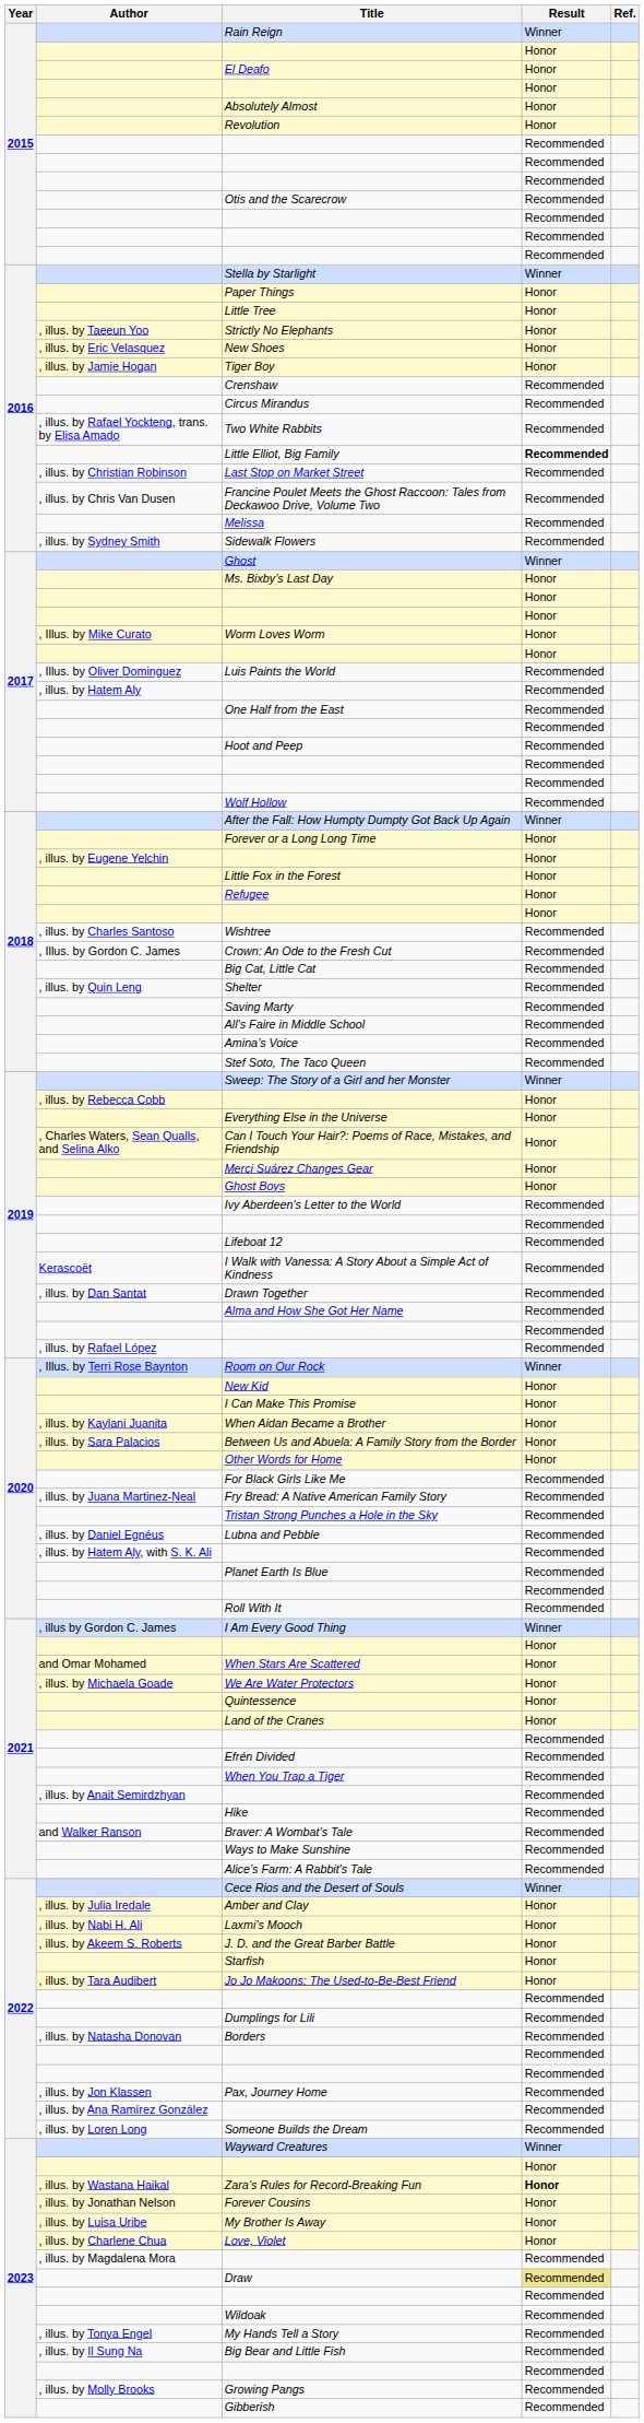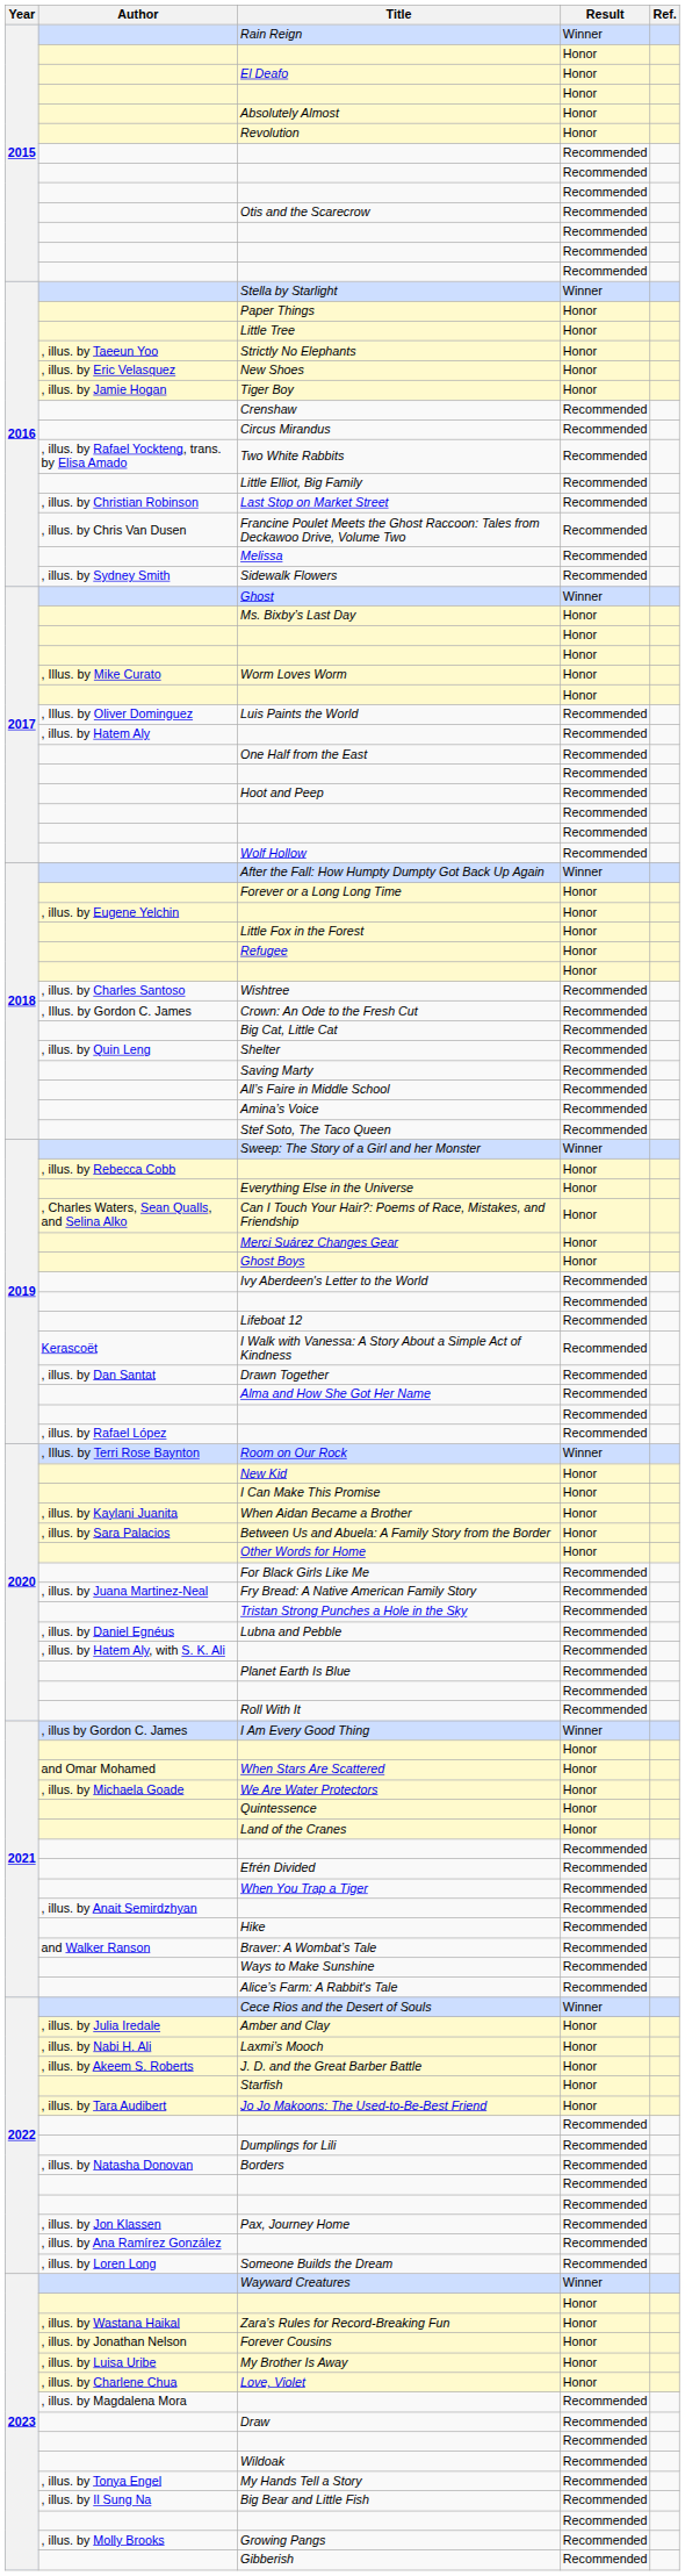 <table class="wikitable sortable mw-collapsible">
 <tr>
 <th>Year</th>
 <th>Author</th>
 <th>Title</th>
 <th>Result</th>
 <th>Ref.</th>
 </tr>
 <tr style="background:#cddeff">
 <th rowspan="13"><a href='#'>2015</a></th>
 <td></td>
 <td><em>Rain Reign</em></td>
 <td>Winner</td>
 <td></td>
 </tr>
 <tr style="background:LemonChiffon;">
 <td></td>
 <td><em></em></td>
 <td>Honor</td>
 <td></td>
 </tr>
 <tr style="background:LemonChiffon;">
 <td></td>
 <td><em><a href='#'>El Deafo</a></em></td>
 <td>Honor</td>
 <td></td>
 </tr>
 <tr style="background:LemonChiffon;">
 <td></td>
 <td><em></em></td>
 <td>Honor</td>
 <td></td>
 </tr>
 <tr style="background:LemonChiffon;">
 <td></td>
 <td><em>Absolutely Almost</em></td>
 <td>Honor</td>
 <td></td>
 </tr>
 <tr style="background:LemonChiffon;">
 <td></td>
 <td><em>Revolution</em></td>
 <td>Honor</td>
 <td></td>
 </tr>
 <tr>
 <td></td>
 <td><em></em></td>
 <td>Recommended</td>
 <td></td>
 </tr>
 <tr>
 <td></td>
 <td><em></em></td>
 <td>Recommended</td>
 <td></td>
 </tr>
 <tr>
 <td></td>
 <td><em></em></td>
 <td>Recommended</td>
 <td></td>
 </tr>
 <tr>
 <td></td>
 <td><em>Otis and the Scarecrow</em></td>
 <td>Recommended</td>
 <td></td>
 </tr>
 <tr>
 <td></td>
 <td><em></em></td>
 <td>Recommended</td>
 <td></td>
 </tr>
 <tr>
 <td></td>
 <td><em></em></td>
 <td>Recommended</td>
 <td></td>
 </tr>
 <tr>
 <td></td>
 <td><em></em></td>
 <td>Recommended</td>
 <td></td>
 </tr>
 <tr style="background:#cddeff">
 <th rowspan="14"><a href='#'>2016</a></th>
 <td></td>
 <td><em>Stella by Starlight</em></td>
 <td>Winner</td>
 <td></td>
 </tr>
 <tr style="background:LemonChiffon;">
 <td></td>
 <td><em>Paper Things</em></td>
 <td>Honor</td>
 <td></td>
 </tr>
 <tr style="background:LemonChiffon;">
 <td></td>
 <td><em>Little Tree</em></td>
 <td>Honor</td>
 <td></td>
 </tr>
 <tr style="background:LemonChiffon;">
 <td>, illus. by <a href='#'>Taeeun Yoo</a></td>
 <td><em>Strictly No Elephants</em></td>
 <td>Honor</td>
 <td></td>
 </tr>
 <tr style="background:LemonChiffon;">
 <td>, illus. by <a href='#'>Eric Velasquez</a></td>
 <td><em>New Shoes</em></td>
 <td>Honor</td>
 <td></td>
 </tr>
 <tr style="background:LemonChiffon;">
 <td>, illus. by <a href='#'>Jamie Hogan</a></td>
 <td><em>Tiger Boy</em></td>
 <td>Honor</td>
 <td></td>
 </tr>
 <tr>
 <td></td>
 <td><em>Crenshaw</em></td>
 <td>Recommended</td>
 <td></td>
 </tr>
 <tr>
 <td></td>
 <td><em>Circus Mirandus</em></td>
 <td>Recommended</td>
 <td></td>
 </tr>
 <tr>
 <td>, illus. by <a href='#'>Rafael Yockteng</a>, trans. by <a href='#'>Elisa Amado</a></td>
 <td><em>Two White Rabbits</em></td>
 <td>Recommended</td>
 <td></td>
 </tr>
 <tr>
 <td></td>
 <td><em>Little Elliot, Big Family</em></td>
-<td><strong>Recommended</strong></td>
+<td>Recommended</td>
 <td></td>
 </tr>
 <tr>
 <td>, illus. by <a href='#'>Christian Robinson</a></td>
 <td><em><a href='#'>Last Stop on Market Street</a></em></td>
 <td>Recommended</td>
 <td></td>
 </tr>
 <tr>
 <td>, illus. by Chris Van Dusen</td>
 <td><em>Francine Poulet Meets the Ghost Raccoon: Tales from Deckawoo Drive, Volume Two</em></td>
 <td>Recommended</td>
 <td></td>
 </tr>
 <tr>
 <td></td>
 <td><em><a href='#'>Melissa</a></em></td>
 <td>Recommended</td>
 <td></td>
 </tr>
 <tr>
 <td>, illus. by <a href='#'>Sydney Smith</a></td>
 <td><em>Sidewalk Flowers</em></td>
 <td>Recommended</td>
 <td></td>
 </tr>
 <tr style="background:#cddeff">
 <th rowspan="14"><a href='#'>2017</a></th>
 <td></td>
 <td><em><a href='#'>Ghost</a></em></td>
 <td>Winner</td>
 <td></td>
 </tr>
 <tr style="background:LemonChiffon;">
 <td></td>
 <td><em>Ms. Bixby’s Last Day</em></td>
 <td>Honor</td>
 <td></td>
 </tr>
 <tr style="background:LemonChiffon;">
 <td></td>
 <td><em></em></td>
 <td>Honor</td>
 <td></td>
 </tr>
 <tr style="background:LemonChiffon;">
 <td></td>
 <td><em></em></td>
 <td>Honor</td>
 <td></td>
 </tr>
 <tr style="background:LemonChiffon;">
 <td>, Illus. by <a href='#'>Mike Curato</a></td>
 <td><em>Worm Loves Worm</em></td>
 <td>Honor</td>
 <td></td>
 </tr>
 <tr style="background:LemonChiffon;">
 <td></td>
 <td><em></em></td>
 <td>Honor</td>
 <td></td>
 </tr>
 <tr>
 <td>, Illus. by <a href='#'>Oliver Dominguez</a></td>
 <td><em>Luis Paints the World</em></td>
 <td>Recommended</td>
 <td></td>
 </tr>
 <tr>
 <td>, illus. by <a href='#'>Hatem Aly</a></td>
 <td></td>
 <td>Recommended</td>
 <td></td>
 </tr>
 <tr>
 <td></td>
 <td><em>One Half from the East</em></td>
 <td>Recommended</td>
 <td></td>
 </tr>
 <tr>
 <td></td>
 <td><em></em></td>
 <td>Recommended</td>
 <td></td>
 </tr>
 <tr>
 <td></td>
 <td><em>Hoot and Peep</em></td>
 <td>Recommended</td>
 <td></td>
 </tr>
 <tr>
 <td></td>
 <td><em></em></td>
 <td>Recommended</td>
 <td></td>
 </tr>
 <tr>
 <td></td>
 <td><em></em></td>
 <td>Recommended</td>
 <td></td>
 </tr>
 <tr>
 <td></td>
 <td><em><a href='#'>Wolf Hollow</a></em></td>
 <td>Recommended</td>
 <td></td>
 </tr>
 <tr style="background:#cddeff">
 <th rowspan="14"><a href='#'>2018</a></th>
 <td></td>
 <td><em>After the Fall: How Humpty Dumpty Got Back Up Again</em></td>
 <td>Winner</td>
 <td></td>
 </tr>
 <tr style="background:LemonChiffon;">
 <td></td>
 <td><em>Forever or a Long Long Time</em></td>
 <td>Honor</td>
 <td></td>
 </tr>
 <tr style="background:LemonChiffon;">
 <td>, illus. by <a href='#'>Eugene Yelchin</a></td>
 <td><em></em></td>
 <td>Honor</td>
 <td></td>
 </tr>
 <tr style="background:LemonChiffon;">
 <td></td>
 <td><em>Little Fox in the Forest</em></td>
 <td>Honor</td>
 <td></td>
 </tr>
 <tr style="background:LemonChiffon;">
 <td></td>
 <td><em><a href='#'>Refugee</a></em></td>
 <td>Honor</td>
 <td></td>
 </tr>
 <tr style="background:LemonChiffon;">
 <td></td>
 <td><em></em></td>
 <td>Honor</td>
 <td></td>
 </tr>
 <tr>
 <td>, illus. by <a href='#'>Charles Santoso</a></td>
 <td><em>Wishtree</em></td>
 <td>Recommended</td>
 <td></td>
 </tr>
 <tr>
 <td>, Illus. by Gordon C. James</td>
 <td><em>Crown: An Ode to the Fresh Cut</em></td>
 <td>Recommended</td>
 <td></td>
 </tr>
 <tr>
 <td></td>
 <td><em>Big Cat, Little Cat</em></td>
 <td>Recommended</td>
 <td></td>
 </tr>
 <tr>
 <td>, illus. by <a href='#'>Quin Leng</a></td>
 <td><em>Shelter</em></td>
 <td>Recommended</td>
 <td></td>
 </tr>
 <tr>
 <td></td>
 <td><em>Saving Marty</em></td>
 <td>Recommended</td>
 <td></td>
 </tr>
 <tr>
 <td></td>
 <td><em>All’s Faire in Middle School</em></td>
 <td>Recommended</td>
 <td></td>
 </tr>
 <tr>
 <td></td>
 <td><em>Amina’s Voice</em></td>
 <td>Recommended</td>
 <td></td>
 </tr>
 <tr>
 <td></td>
 <td><em>Stef Soto, The Taco Queen</em></td>
 <td>Recommended</td>
 <td></td>
 </tr>
 <tr style="background:#cddeff">
 <th rowspan="14"><a href='#'>2019</a></th>
 <td></td>
 <td><em>Sweep: The Story of a Girl and her Monster</em></td>
 <td>Winner</td>
 <td></td>
 </tr>
 <tr style="background:LemonChiffon;">
 <td>, illus. by <a href='#'>Rebecca Cobb</a></td>
 <td><em></em></td>
 <td>Honor</td>
 <td></td>
 </tr>
 <tr style="background:LemonChiffon;">
 <td></td>
 <td><em>Everything Else in the Universe</em></td>
 <td>Honor</td>
 <td></td>
 </tr>
 <tr style="background:LemonChiffon;">
 <td>, Charles Waters, <a href='#'>Sean Qualls</a>, and <a href='#'>Selina Alko</a></td>
 <td><em>Can I Touch Your Hair?: Poems of Race, Mistakes, and Friendship</em></td>
 <td>Honor</td>
 <td></td>
 </tr>
 <tr style="background:LemonChiffon;">
 <td></td>
 <td><em><a href='#'>Merci Suárez Changes Gear</a></em></td>
 <td>Honor</td>
 <td></td>
 </tr>
 <tr style="background:LemonChiffon;">
 <td></td>
 <td><em><a href='#'>Ghost Boys</a></em></td>
 <td>Honor</td>
 <td></td>
 </tr>
 <tr>
 <td></td>
 <td><em>Ivy Aberdeen's Letter to the World</em></td>
 <td>Recommended</td>
 <td></td>
 </tr>
 <tr>
 <td></td>
 <td><em></em></td>
 <td>Recommended</td>
 <td></td>
 </tr>
 <tr>
 <td></td>
 <td><em>Lifeboat 12</em></td>
 <td>Recommended</td>
 <td></td>
 </tr>
 <tr>
 <td><a href='#'>Kerascoët</a></td>
 <td><em>I Walk with Vanessa: A Story About a Simple Act of Kindness</em></td>
 <td>Recommended</td>
 <td></td>
 </tr>
 <tr>
 <td>, illus. by <a href='#'>Dan Santat</a></td>
 <td><em>Drawn Together</em></td>
 <td>Recommended</td>
 <td></td>
 </tr>
 <tr>
 <td></td>
 <td><em><a href='#'>Alma and How She Got Her Name</a></em></td>
 <td>Recommended</td>
 <td></td>
 </tr>
 <tr>
 <td></td>
 <td><em></em></td>
 <td>Recommended</td>
 <td></td>
 </tr>
 <tr>
 <td>, illus. by <a href='#'>Rafael López</a></td>
 <td><em></em></td>
 <td>Recommended</td>
 <td></td>
 </tr>
 <tr style="background:#cddeff">
 <th rowspan="14"><a href='#'>2020</a></th>
 <td>, Illus. by <a href='#'>Terri Rose Baynton</a></td>
 <td><em><a href='#'>Room on Our Rock</a></em></td>
 <td>Winner</td>
 <td></td>
 </tr>
 <tr style="background:LemonChiffon;">
 <td></td>
 <td><em><a href='#'>New Kid</a></em></td>
 <td>Honor</td>
 <td></td>
 </tr>
 <tr style="background:LemonChiffon;">
 <td></td>
 <td><em>I Can Make This Promise</em></td>
 <td>Honor</td>
 <td></td>
 </tr>
 <tr style="background:LemonChiffon;">
 <td>, illus. by <a href='#'>Kaylani Juanita</a></td>
 <td><em>When Aidan Became a Brother</em></td>
 <td>Honor</td>
 <td></td>
 </tr>
 <tr style="background:LemonChiffon;">
 <td>, illus. by <a href='#'>Sara Palacios</a></td>
 <td><em>Between Us and Abuela: A Family Story from the Border</em></td>
 <td>Honor</td>
 <td></td>
 </tr>
 <tr style="background:LemonChiffon;">
 <td></td>
 <td><em><a href='#'>Other Words for Home</a></em></td>
 <td>Honor</td>
 <td></td>
 </tr>
 <tr>
 <td></td>
 <td><em>For Black Girls Like Me</em></td>
 <td>Recommended</td>
 <td></td>
 </tr>
 <tr>
 <td>, illus. by <a href='#'>Juana Martinez-Neal</a></td>
 <td><em>Fry Bread: A Native American Family Story</em></td>
 <td>Recommended</td>
 <td></td>
 </tr>
 <tr>
 <td></td>
 <td><em><a href='#'>Tristan Strong Punches a Hole in the Sky</a></em></td>
 <td>Recommended</td>
 <td></td>
 </tr>
 <tr>
 <td>, illus. by <a href='#'>Daniel Egnéus</a></td>
 <td><em>Lubna and Pebble</em></td>
 <td>Recommended</td>
 <td></td>
 </tr>
 <tr>
 <td>, illus. by <a href='#'>Hatem Aly</a>, with <a href='#'>S. K. Ali</a></td>
 <td><em></em></td>
 <td>Recommended</td>
 <td></td>
 </tr>
 <tr>
 <td></td>
 <td><em>Planet Earth Is Blue</em></td>
 <td>Recommended</td>
 <td></td>
 </tr>
 <tr>
 <td></td>
 <td><em></em></td>
 <td>Recommended</td>
 <td></td>
 </tr>
 <tr>
 <td></td>
 <td><em>Roll With It</em></td>
 <td>Recommended</td>
 <td></td>
 </tr>
 <tr style="background:#cddeff">
 <th rowspan="14"><a href='#'>2021</a></th>
 <td>, illus by Gordon C. James</td>
 <td><em>I Am Every Good Thing</em></td>
 <td>Winner</td>
 <td></td>
 </tr>
 <tr style="background:LemonChiffon;">
 <td></td>
 <td></td>
 <td>Honor</td>
 <td></td>
 </tr>
 <tr style="background:LemonChiffon;">
 <td> and Omar Mohamed</td>
 <td><em><a href='#'>When Stars Are Scattered</a></em></td>
 <td>Honor</td>
 <td></td>
 </tr>
 <tr style="background:LemonChiffon;">
 <td>, illus. by <a href='#'>Michaela Goade</a></td>
 <td><em><a href='#'>We Are Water Protectors</a></em></td>
 <td>Honor</td>
 <td></td>
 </tr>
 <tr style="background:LemonChiffon;">
 <td></td>
 <td><em>Quintessence</em></td>
 <td>Honor</td>
 <td></td>
 </tr>
 <tr style="background:LemonChiffon;">
 <td></td>
 <td><em>Land of the Cranes</em></td>
 <td>Honor</td>
 <td></td>
 </tr>
 <tr>
 <td></td>
 <td><em></em></td>
 <td>Recommended</td>
 <td></td>
 </tr>
 <tr>
 <td></td>
 <td><em>Efrén Divided</em></td>
 <td>Recommended</td>
 <td></td>
 </tr>
 <tr>
 <td></td>
 <td><em><a href='#'>When You Trap a Tiger</a></em></td>
 <td>Recommended</td>
 <td></td>
 </tr>
 <tr>
 <td>, illus. by <a href='#'>Anait Semirdzhyan</a></td>
 <td><em></em></td>
 <td>Recommended</td>
 <td></td>
 </tr>
 <tr>
 <td></td>
 <td><em>Hike</em></td>
 <td>Recommended</td>
 <td></td>
 </tr>
 <tr>
 <td> and <a href='#'>Walker Ranson</a></td>
 <td><em>Braver: A Wombat’s Tale</em></td>
 <td>Recommended</td>
 <td></td>
 </tr>
 <tr>
 <td></td>
 <td><em>Ways to Make Sunshine</em></td>
 <td>Recommended</td>
 <td></td>
 </tr>
 <tr>
 <td></td>
 <td><em>Alice’s Farm: A Rabbit's Tale</em></td>
 <td>Recommended</td>
 <td></td>
 </tr>
 <tr style="background:#cddeff">
 <th rowspan="14"><a href='#'>2022</a></th>
 <td></td>
 <td><em>Cece Rios and the Desert of Souls</em></td>
 <td>Winner</td>
 <td></td>
 </tr>
 <tr style="background:LemonChiffon;">
 <td>, illus. by <a href='#'>Julia Iredale</a></td>
 <td><em>Amber and Clay</em></td>
 <td>Honor</td>
 <td></td>
 </tr>
 <tr style="background:LemonChiffon;">
 <td>, illus. by <a href='#'>Nabi H. Ali</a></td>
 <td><em>Laxmi’s Mooch</em></td>
 <td>Honor</td>
 <td></td>
 </tr>
 <tr style="background:LemonChiffon;">
 <td>, illus. by <a href='#'>Akeem S. Roberts</a></td>
 <td><em>J. D. and the Great Barber Battle</em></td>
 <td>Honor</td>
 <td></td>
 </tr>
 <tr style="background:LemonChiffon;">
 <td></td>
 <td><em>Starfish</em></td>
 <td>Honor</td>
 <td></td>
 </tr>
 <tr style="background:LemonChiffon;">
 <td>, illus. by <a href='#'>Tara Audibert</a></td>
 <td><em><a href='#'>Jo Jo Makoons: The Used-to-Be-Best Friend</a></em></td>
 <td>Honor</td>
 <td></td>
 </tr>
 <tr>
 <td></td>
 <td><em></em></td>
 <td>Recommended</td>
 <td></td>
 </tr>
 <tr>
 <td></td>
 <td><em>Dumplings for Lili</em></td>
 <td>Recommended</td>
 <td></td>
 </tr>
 <tr>
 <td>, illus. by <a href='#'>Natasha Donovan</a></td>
 <td><em>Borders</em></td>
 <td>Recommended</td>
 <td></td>
 </tr>
 <tr>
 <td></td>
 <td><em></em></td>
 <td>Recommended</td>
 <td></td>
 </tr>
 <tr>
 <td></td>
 <td><em></em></td>
 <td>Recommended</td>
 <td></td>
 </tr>
 <tr>
 <td>, illus. by <a href='#'>Jon Klassen</a></td>
 <td><em>Pax, Journey Home</em></td>
 <td>Recommended</td>
 <td></td>
 </tr>
 <tr>
 <td>, illus. by <a href='#'>Ana Ramírez González</a></td>
 <td><em></em></td>
 <td>Recommended</td>
 <td></td>
 </tr>
 <tr>
 <td>, illus. by <a href='#'>Loren Long</a></td>
 <td><em>Someone Builds the Dream</em></td>
 <td>Recommended</td>
 <td></td>
 </tr>
 <tr style="background:#cddeff">
 <th rowspan="15"><a href='#'>2023</a></th>
 <td></td>
 <td><em>Wayward Creatures</em></td>
 <td>Winner</td>
 <td></td>
 </tr>
 <tr style="background:LemonChiffon;">
 <td></td>
 <td><em></em></td>
 <td>Honor</td>
 <td></td>
 </tr>
 <tr style="background:LemonChiffon;">
 <td>, illus. by <a href='#'>Wastana Haikal</a></td>
 <td><em>Zara’s Rules for Record-Breaking Fun</em></td>
-<td><strong>Honor</strong></td>
+<td>Honor</td>
 <td></td>
 </tr>
 <tr style="background:LemonChiffon;">
 <td>, illus. by Jonathan Nelson</td>
 <td><em>Forever Cousins</em></td>
 <td>Honor</td>
 <td></td>
 </tr>
 <tr style="background:LemonChiffon;">
 <td>, illus. by <a href='#'>Luisa Uribe</a></td>
 <td><em>My Brother Is Away</em></td>
 <td>Honor</td>
 <td></td>
 </tr>
 <tr style="background:LemonChiffon;">
 <td>, illus. by <a href='#'>Charlene Chua</a></td>
 <td><em><a href='#'>Love, Violet</a></em></td>
 <td>Honor</td>
 <td></td>
 </tr>
 <tr>
 <td>, illus. by Magdalena Mora</td>
 <td><em></em></td>
 <td>Recommended</td>
 <td></td>
 </tr>
 <tr>
 <td></td>
 <td><em>Draw</em></td>
-<td style="background: khaki;">Recommended</td>
+<td>Recommended</td>
 <td></td>
 </tr>
 <tr>
 <td></td>
 <td><em></em></td>
 <td>Recommended</td>
 <td></td>
 </tr>
 <tr>
 <td></td>
 <td><em>Wildoak</em></td>
 <td>Recommended</td>
 <td></td>
 </tr>
 <tr>
 <td>, illus. by <a href='#'>Tonya Engel</a></td>
 <td><em>My Hands Tell a Story</em></td>
 <td>Recommended</td>
 <td></td>
 </tr>
 <tr>
 <td>, illus. by <a href='#'>Il Sung Na</a></td>
 <td><em>Big Bear and Little Fish</em></td>
 <td>Recommended</td>
 <td></td>
 </tr>
 <tr>
 <td></td>
 <td><em></em></td>
 <td>Recommended</td>
 <td></td>
 </tr>
 <tr>
 <td>, illus. by <a href='#'>Molly Brooks</a></td>
 <td><em>Growing Pangs</em></td>
 <td>Recommended</td>
 <td></td>
 </tr>
 <tr>
 <td></td>
 <td><em>Gibberish</em></td>
 <td>Recommended</td>
 <td></td>
 </tr>
 </table>
